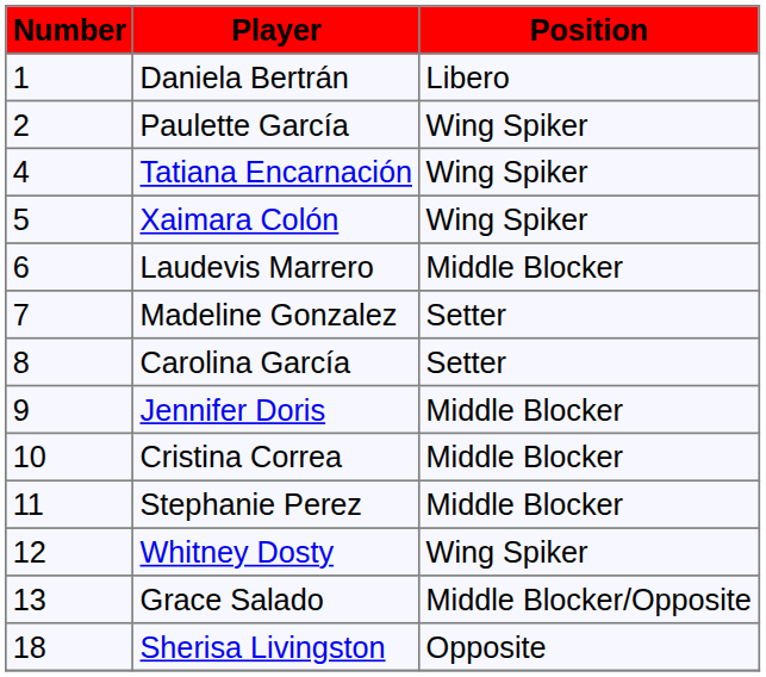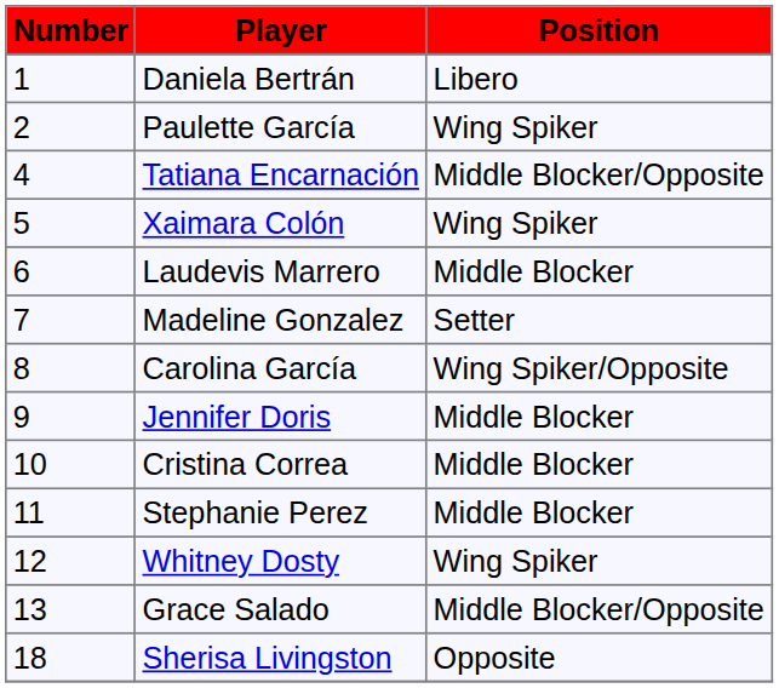 <table bgcolor="#f7f8ff" cellpadding="3" cellspacing="0" border="1" style="font-size: 95%; border: gray solid 1px; border-collapse: collapse;">
 <tr bgcolor="#ff0000">
 <td align=center><strong>Number</strong></td>
 <td align=center><strong>Player</strong></td>
 <td align=center><strong>Position</strong></td>
 </tr>
 <tr align="left">
 <td>1</td>
 <td> Daniela Bertrán</td>
 <td>Libero</td>
 </tr>
 <tr align="left">
 <td>2</td>
 <td> Paulette García</td>
 <td>Wing Spiker</td>
 </tr>
 <tr align="left">
 <td>4</td>
 <td> <a href='#'>Tatiana Encarnación</a></td>
-<td>Wing Spiker</td>
+<td>Middle Blocker/Opposite</td>
 </tr>
 <tr align="left">
 <td>5</td>
 <td> <a href='#'>Xaimara Colón</a></td>
 <td>Wing Spiker</td>
 </tr>
 <tr align="left">
 <td>6</td>
 <td> Laudevis Marrero</td>
 <td>Middle Blocker</td>
 </tr>
 <tr align="left">
 <td>7</td>
 <td> Madeline Gonzalez</td>
 <td>Setter</td>
 </tr>
 <tr align="left">
 <td>8</td>
 <td> Carolina García</td>
-<td>Setter</td>
+<td>Wing Spiker/Opposite</td>
 </tr>
 <tr align="left">
 <td>9</td>
 <td> <a href='#'>Jennifer Doris</a></td>
 <td>Middle Blocker</td>
 </tr>
 <tr align="left">
 <td>10</td>
 <td> Cristina Correa</td>
 <td>Middle Blocker</td>
 </tr>
 <tr align="left">
 <td>11</td>
 <td> Stephanie Perez</td>
 <td>Middle Blocker</td>
 </tr>
 <tr align="left">
 <td>12</td>
 <td> <a href='#'>Whitney Dosty</a></td>
 <td>Wing Spiker</td>
 </tr>
 <tr align="left">
 <td>13</td>
 <td> Grace Salado</td>
 <td>Middle Blocker/Opposite</td>
 </tr>
 <tr align="left">
 <td>18</td>
 <td> <a href='#'>Sherisa Livingston</a></td>
 <td>Opposite</td>
 </tr>
 <tr align="left">
 </tr>
 </table>
